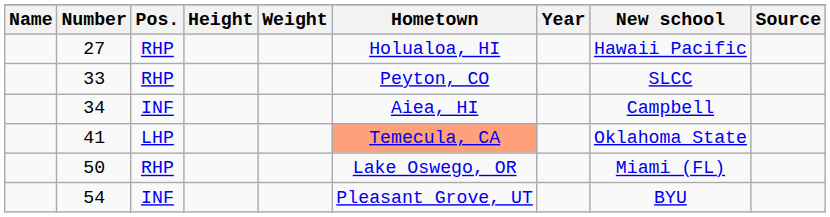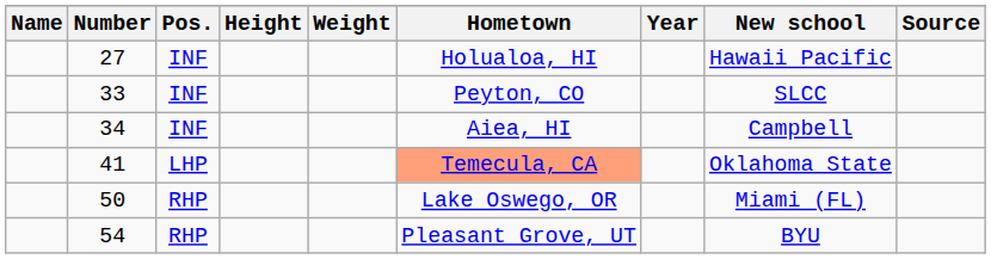 <table class="wikitable sortable" style="text-align: center">
 <tr>
 </tr>
 <tr>
 <th>Name</th>
 <th>Number</th>
 <th>Pos.</th>
 <th>Height</th>
 <th>Weight</th>
 <th>Hometown</th>
 <th>Year</th>
 <th>New school</th>
 <th>Source</th>
 </tr>
 <tr>
 <td></td>
 <td>27</td>
-<td><a href='#'>RHP</a></td>
+<td><a href='#'>INF</a></td>
 <td></td>
 <td></td>
 <td><a href='#'>Holualoa, HI</a></td>
 <td></td>
 <td><a href='#'>Hawaii Pacific</a></td>
 <td></td>
 </tr>
 <tr>
 <td></td>
 <td>33</td>
-<td><a href='#'>RHP</a></td>
+<td><a href='#'>INF</a></td>
 <td></td>
 <td></td>
 <td><a href='#'>Peyton, CO</a></td>
 <td></td>
 <td><a href='#'>SLCC</a></td>
 <td></td>
 </tr>
 <tr>
 <td></td>
 <td>34</td>
 <td><a href='#'>INF</a></td>
 <td></td>
 <td></td>
 <td><a href='#'>Aiea, HI</a></td>
 <td></td>
 <td><a href='#'>Campbell</a></td>
 <td></td>
 </tr>
 <tr>
 <td></td>
 <td>41</td>
 <td><a href='#'>LHP</a></td>
 <td></td>
 <td></td>
 <td style="background: lightsalmon;"><a href='#'>Temecula, CA</a></td>
 <td></td>
 <td><a href='#'>Oklahoma State</a></td>
 <td></td>
 </tr>
 <tr>
 <td></td>
 <td>50</td>
 <td><a href='#'>RHP</a></td>
 <td></td>
 <td></td>
 <td><a href='#'>Lake Oswego, OR</a></td>
 <td></td>
 <td><a href='#'>Miami (FL)</a></td>
 <td></td>
 </tr>
 <tr>
 <td></td>
 <td>54</td>
-<td><a href='#'>INF</a></td>
+<td><a href='#'>RHP</a></td>
 <td></td>
 <td></td>
 <td><a href='#'>Pleasant Grove, UT</a></td>
 <td></td>
 <td><a href='#'>BYU</a></td>
 <td></td>
 </tr>
 </table>
